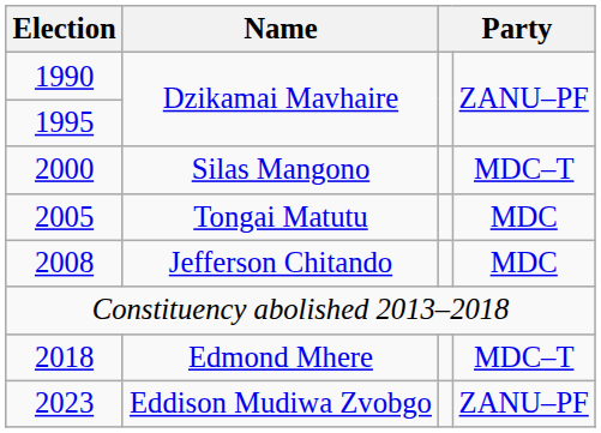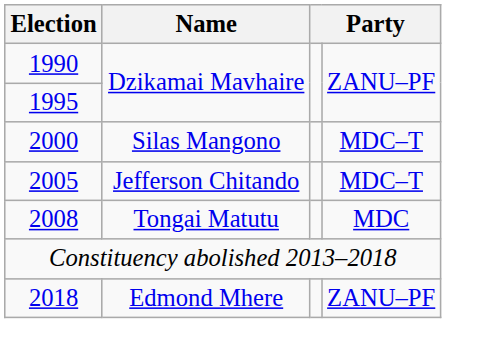 <table class="wikitable" style="text-align:center">
 <tr>
 <th>Election</th>
 <th>Name</th>
 <th colspan="2">Party</th>
 </tr>
 <tr>
 <td><a href='#'>1990</a></td>
 <td rowspan="2"><a href='#'>Dzikamai Mavhaire</a></td>
 <td rowspan="2" style="background-color: "></td>
 <td rowspan="2"><a href='#'>ZANU–PF</a></td>
 </tr>
 <tr>
 <td><a href='#'>1995</a></td>
 </tr>
 <tr>
 <td><a href='#'>2000</a></td>
 <td><a href='#'>Silas Mangono</a></td>
 <td style="background-color: "></td>
 <td><a href='#'>MDC–T</a></td>
 </tr>
 <tr>
 <td><a href='#'>2005</a></td>
-<td><a href='#'>Tongai Matutu</a></td>
+<td><a href='#'>Jefferson Chitando</a></td>
 <td style="background-color: "></td>
-<td><a href='#'>MDC</a></td>
+<td><a href='#'>MDC–T</a></td>
 </tr>
 <tr>
 <td><a href='#'>2008</a></td>
-<td><a href='#'>Jefferson Chitando</a></td>
+<td><a href='#'>Tongai Matutu</a></td>
 <td style="background-color: "></td>
 <td><a href='#'>MDC</a></td>
 </tr>
 <tr>
 <td colspan="4"><em>Constituency abolished 2013–2018</em></td>
 </tr>
 <tr>
 <td><a href='#'>2018</a></td>
 <td><a href='#'>Edmond Mhere</a></td>
 <td style="background-color: "></td>
-<td><a href='#'>MDC–T</a></td>
-</tr>
-<tr>
-<td><a href='#'>2023</a></td>
-<td><a href='#'>Eddison Mudiwa Zvobgo</a></td>
-<td style="background-color: "></td>
 <td><a href='#'>ZANU–PF</a></td>
 </tr>
 </table>
